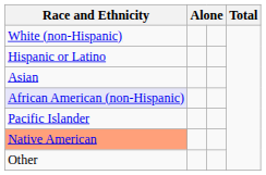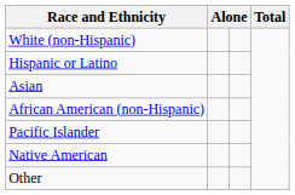 <table class="wikitable sortable collapsible" ; text-align:right; font-size:80%;">
 <tr>
 <th>Race and Ethnicity</th>
 <th colspan="2" data-sort-type="number">Alone</th>
 <th colspan="2" data-sort-type="number">Total</th>
 </tr>
 <tr>
 <td><a href='#'>White (non-Hispanic)</a></td>
 <td align=right></td>
 <td align=right></td>
 </tr>
 <tr>
 <td><a href='#'>Hispanic or Latino</a></td>
 <td align=right></td>
 <td align=right></td>
 </tr>
 <tr>
 <td><a href='#'>Asian</a></td>
 <td align=right></td>
 <td align=right></td>
 </tr>
 <tr>
-<td style="background: lavender;"><a href='#'>African American (non-Hispanic)</a></td>
+<td><a href='#'>African American (non-Hispanic)</a></td>
 <td align=right></td>
 <td align=right></td>
 </tr>
 <tr>
 <td><a href='#'>Pacific Islander</a></td>
 <td align=right></td>
 <td align=right></td>
 </tr>
 <tr>
-<td style="background: lightsalmon;"><a href='#'>Native American</a></td>
+<td><a href='#'>Native American</a></td>
 <td align=right></td>
 <td align=right></td>
 </tr>
 <tr>
 <td>Other</td>
 <td align=right></td>
 <td align=right></td>
 </tr>
 </table>
